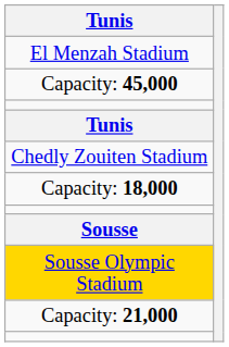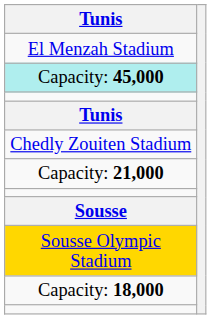 <table class="wikitable" style="text-align:center">
 <tr>
 <th><a href='#'>Tunis</a></th>
 <th rowspan="12"></th>
 </tr>
 <tr>
 <td><a href='#'>El Menzah Stadium</a></td>
 </tr>
 <tr>
-<td>Capacity: <strong>45,000</strong></td>
+<td style="background: paleturquoise;">Capacity: <strong>45,000</strong></td>
 </tr>
 <tr>
 <td></td>
 </tr>
 <tr>
 <th><a href='#'>Tunis</a></th>
 </tr>
 <tr>
 <td><a href='#'>Chedly Zouiten Stadium</a></td>
 </tr>
 <tr>
-<td>Capacity: <strong>18,000</strong></td>
+<td>Capacity: <strong>21,000</strong></td>
 </tr>
 <tr>
 <td></td>
 </tr>
 <tr>
 <th width="160"><a href='#'>Sousse</a></th>
 </tr>
 <tr>
 <td style="background: gold;"><a href='#'>Sousse Olympic Stadium</a></td>
 </tr>
 <tr>
-<td>Capacity: <strong>21,000</strong></td>
+<td>Capacity: <strong>18,000</strong></td>
 </tr>
 <tr>
 <td></td>
 </tr>
 </table>
